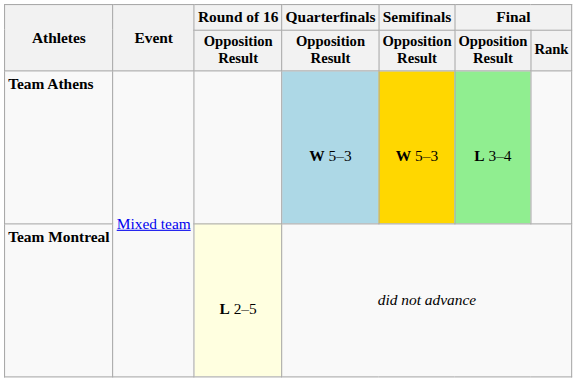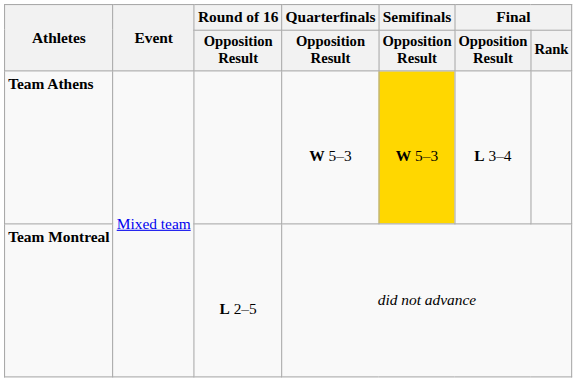 <table class="wikitable" style="font-size:90%">
 <tr>
 <th rowspan=2>Athletes</th>
 <th rowspan=2>Event</th>
 <th>Round of 16</th>
 <th>Quarterfinals</th>
 <th>Semifinals</th>
 <th colspan=2>Final</th>
 </tr>
 <tr style="font-size:95%">
 <th>Opposition<br>Result</th>
 <th>Opposition<br>Result</th>
 <th>Opposition<br>Result</th>
 <th>Opposition<br>Result</th>
 <th>Rank</th>
 </tr>
 <tr align=center>
 <td align=left><strong>Team Athens</strong> <br><br> <br><br><br><br><br><br></td>
 <td rowspan=2 align=left><a href='#'>Mixed team</a></td>
 <td></td>
-<td style="background: lightblue;"><br><strong>W</strong> 5–3</td>
+<td><br><strong>W</strong> 5–3</td>
 <td style="background: gold;"><br><strong>W</strong> 5–3</td>
-<td style="background: lightgreen;"><br><strong>L</strong> 3–4</td>
+<td><br><strong>L</strong> 3–4</td>
 <td></td>
 </tr>
 <tr align=center>
 <td align=left><strong>Team Montreal</strong><br><br> <br><br><br><br><br><br></td>
-<td style="background: lightyellow;"><br><strong>L</strong> 2–5</td>
+<td><br><strong>L</strong> 2–5</td>
 <td colspan=4><em>did not advance</em></td>
 </tr>
 </table>
